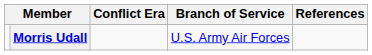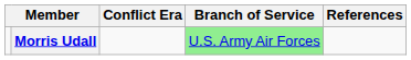 <table class=wikitable style="text-align:center">
 <tr>
 <th scope="col" colspan="2">Member</th>
 <th scope="col">Conflict Era</th>
 <th scope="col">Branch of Service</th>
 <th scope="col">References</th>
 </tr>
 <tr style="height:2em;">
 <td></td>
 <th scope="row"><a href='#'>Morris Udall</a></th>
 <td></td>
-<td><a href='#'>U.S. Army Air Forces</a></td>
+<td style="background: lightgreen;"><a href='#'>U.S. Army Air Forces</a></td>
 <td></td>
 </tr>
 </table>
